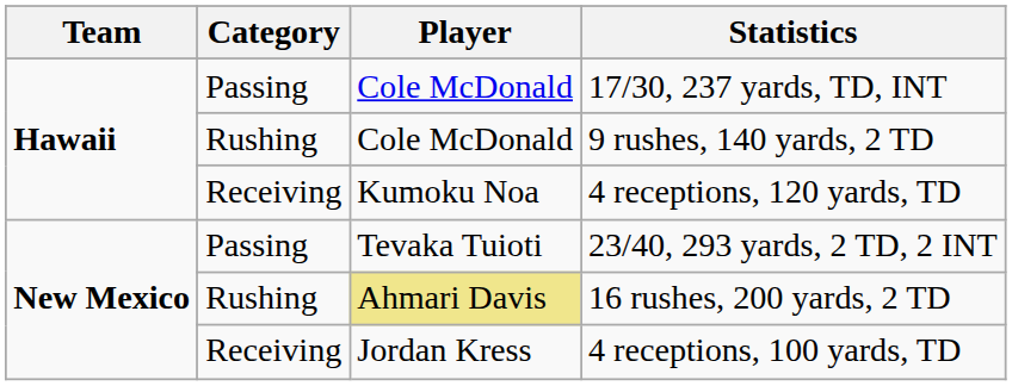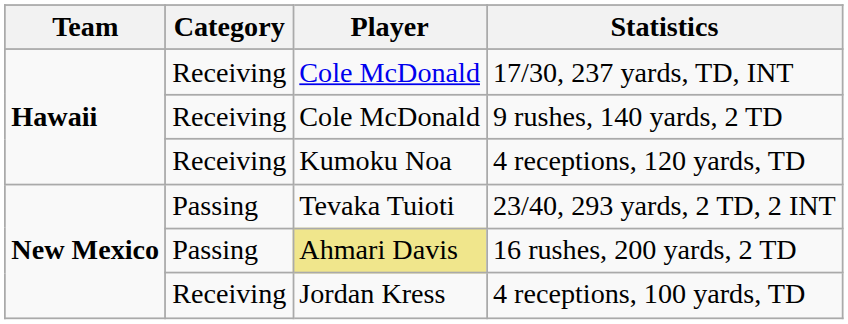 <table class="wikitable" style="float: left;">
 <tr>
 <th>Team</th>
 <th>Category</th>
 <th>Player</th>
 <th>Statistics</th>
 </tr>
 <tr>
 <td rowspan=3><strong>Hawaii</strong></td>
-<td>Passing</td>
+<td>Receiving</td>
 <td><a href='#'>Cole McDonald</a></td>
 <td>17/30, 237 yards, TD, INT</td>
 </tr>
 <tr>
-<td>Rushing</td>
+<td>Receiving</td>
 <td>Cole McDonald</td>
 <td>9 rushes, 140 yards, 2 TD</td>
 </tr>
 <tr>
 <td>Receiving</td>
 <td>Kumoku Noa</td>
 <td>4 receptions, 120 yards, TD</td>
 </tr>
 <tr>
 <td rowspan=3><strong>New Mexico</strong></td>
 <td>Passing</td>
 <td>Tevaka Tuioti</td>
 <td>23/40, 293 yards, 2 TD, 2 INT</td>
 </tr>
 <tr>
-<td>Rushing</td>
+<td>Passing</td>
 <td style="background: khaki;">Ahmari Davis</td>
 <td>16 rushes, 200 yards, 2 TD</td>
 </tr>
 <tr>
 <td>Receiving</td>
 <td>Jordan Kress</td>
 <td>4 receptions, 100 yards, TD</td>
 </tr>
 </table>
